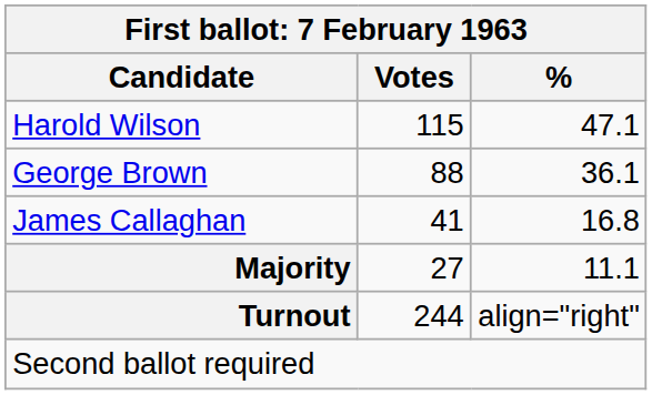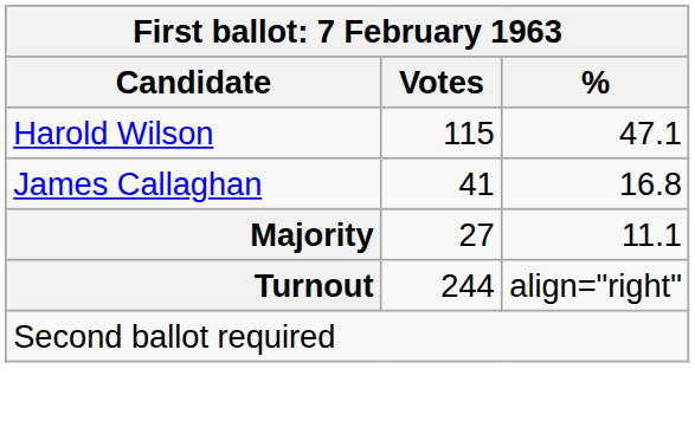 <table class="wikitable" style="font-size:95%;">
 <tr>
 <th colspan="3">First ballot: 7 February 1963</th>
 </tr>
 <tr>
 <th style="width: 170px">Candidate</th>
 <th style="width: 50px">Votes</th>
 <th style="width: 40px">%</th>
 </tr>
 <tr>
 <td style="width: 170px"><a href='#'>Harold Wilson</a></td>
 <td align="right">115</td>
 <td align="right">47.1</td>
-</tr>
-<tr>
-<td style="width: 170px"><a href='#'>George Brown</a></td>
-<td align="right">88</td>
-<td align="right">36.1</td>
 </tr>
 <tr>
 <td style="width: 170px"><a href='#'>James Callaghan</a></td>
 <td align="right">41</td>
 <td align="right">16.8</td>
 </tr>
 <tr>
 <th style="text-align:right">Majority</th>
 <td align="right">27</td>
 <td align="right">11.1</td>
 </tr>
 <tr>
 <th style="text-align:right">Turnout</th>
 <td align="right">244</td>
 <td>align="right"            </td>
 </tr>
 <tr>
 <td colspan="3">Second ballot required</td>
 </tr>
 </table>
